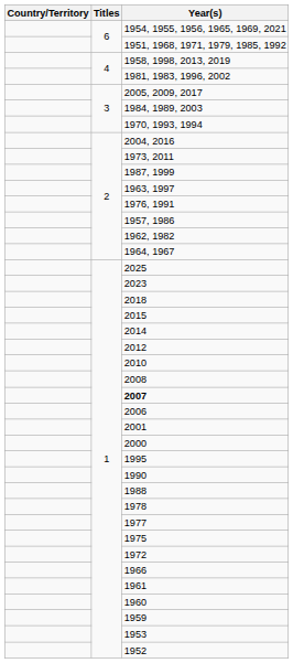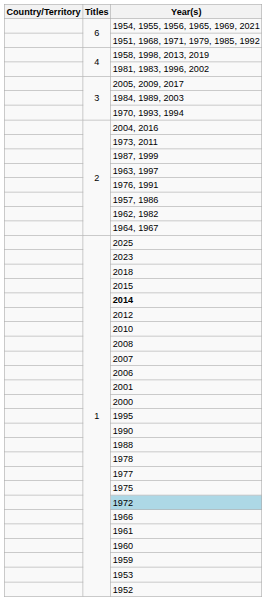 <table class="wikitable sortable" style="font-size: 95%;">
 <tr>
 <th>Country/Territory</th>
 <th>Titles</th>
 <th>Year(s)</th>
 </tr>
 <tr>
 <td></td>
 <td rowspan="2" style="text-align:center;">6</td>
 <td>1954, 1955, 1956, 1965, 1969, 2021</td>
 </tr>
 <tr>
 <td></td>
 <td>1951, 1968, 1971, 1979, 1985, 1992</td>
 </tr>
 <tr>
 <td></td>
 <td rowspan="2" style="text-align:center;">4</td>
 <td>1958, 1998, 2013, 2019</td>
 </tr>
 <tr>
 <td></td>
 <td>1981, 1983, 1996, 2002</td>
 </tr>
 <tr>
 <td></td>
 <td rowspan="3" style="text-align:center;">3</td>
 <td>2005, 2009, 2017</td>
 </tr>
 <tr>
 <td></td>
 <td>1984, 1989, 2003</td>
 </tr>
 <tr>
 <td></td>
 <td>1970, 1993, 1994</td>
 </tr>
 <tr>
 <td></td>
 <td rowspan="8" style="text-align:center;">2</td>
 <td>2004, 2016</td>
 </tr>
 <tr>
 <td></td>
 <td>1973, 2011</td>
 </tr>
 <tr>
 <td></td>
 <td>1987, 1999</td>
 </tr>
 <tr>
 <td></td>
 <td>1963, 1997</td>
 </tr>
 <tr>
 <td></td>
 <td>1976, 1991</td>
 </tr>
 <tr>
 <td></td>
 <td>1957, 1986</td>
 </tr>
 <tr>
 <td></td>
 <td>1962, 1982</td>
 </tr>
 <tr>
 <td></td>
 <td>1964, 1967</td>
 </tr>
 <tr>
 <td></td>
 <td rowspan="26" style="text-align:center;">1</td>
 <td>2025</td>
 </tr>
 <tr>
 <td></td>
 <td>2023</td>
 </tr>
 <tr>
 <td></td>
 <td>2018</td>
 </tr>
 <tr>
 <td></td>
 <td>2015</td>
 </tr>
 <tr>
 <td></td>
-<td>2014</td>
+<td><strong>2014</strong></td>
 </tr>
 <tr>
 <td></td>
 <td>2012</td>
 </tr>
 <tr>
 <td></td>
 <td>2010</td>
 </tr>
 <tr>
 <td></td>
 <td>2008</td>
 </tr>
 <tr>
 <td></td>
-<td><strong>2007</strong></td>
+<td>2007</td>
 </tr>
 <tr>
 <td></td>
 <td>2006</td>
 </tr>
 <tr>
 <td></td>
 <td>2001</td>
 </tr>
 <tr>
 <td></td>
 <td>2000</td>
 </tr>
 <tr>
 <td></td>
 <td>1995</td>
 </tr>
 <tr>
 <td></td>
 <td>1990</td>
 </tr>
 <tr>
 <td></td>
 <td>1988</td>
 </tr>
 <tr>
 <td></td>
 <td>1978</td>
 </tr>
 <tr>
 <td></td>
 <td>1977</td>
 </tr>
 <tr>
 <td></td>
 <td>1975</td>
 </tr>
 <tr>
 <td></td>
-<td>1972</td>
+<td style="background: lightblue;">1972</td>
 </tr>
 <tr>
 <td></td>
 <td>1966</td>
 </tr>
 <tr>
 <td></td>
 <td>1961</td>
 </tr>
 <tr>
 <td></td>
 <td>1960</td>
 </tr>
 <tr>
 <td></td>
 <td>1959</td>
 </tr>
 <tr>
 <td></td>
 <td>1953</td>
 </tr>
 <tr>
 <td></td>
 <td>1952</td>
 </tr>
 </table>
